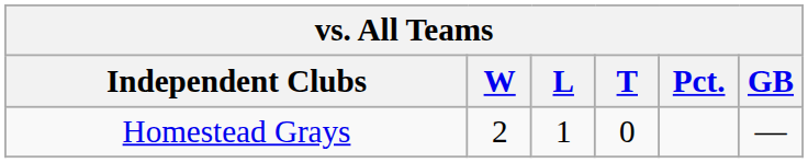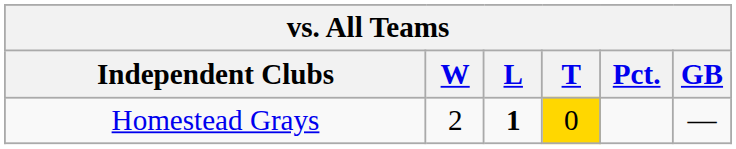 <table class="wikitable" width="400em" style="text-align:center;">
 <tr>
 <th colspan="6">vs. All Teams</th>
 </tr>
 <tr>
 <th width="58%">Independent Clubs</th>
 <th width="8%"><a href='#'>W</a></th>
 <th width="8%"><a href='#'>L</a></th>
 <th width="8%"><a href='#'>T</a></th>
 <th width="10%"><a href='#'>Pct.</a></th>
 <th width="8%"><a href='#'>GB</a></th>
 </tr>
 <tr>
 <td><a href='#'>Homestead Grays</a></td>
 <td>2</td>
-<td>1</td>
-<td>0</td>
+<td><strong>1</strong></td>
+<td style="background: gold;">0</td>
 <td></td>
 <td>—</td>
 </tr>
 </table>
